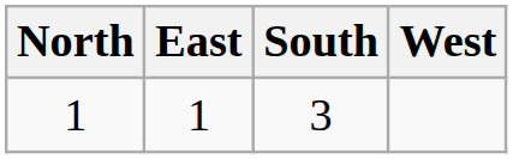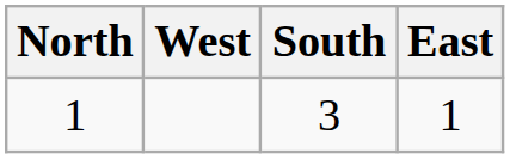 <table class=wikitable>
 <tr>
 <th>North</th>
+<th>West</th>
+<th>South</th>
 <th>East</th>
-<th>South</th>
-<th>West</th>
 </tr>
 <tr align=center>
 <td>1</td>
+<td></td>
+<td>3</td>
 <td>1</td>
-<td>3</td>
-<td></td>
 </tr>
 </table>
